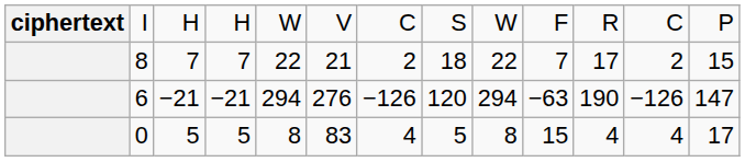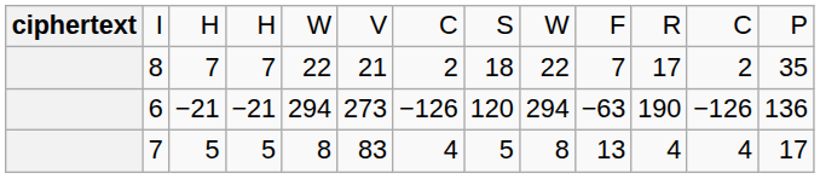 <table class="wikitable" border="1" style="text-align:right">
 <tr>
 <th>ciphertext</th>
 <td>I</td>
 <td>H</td>
 <td>H</td>
 <td>W</td>
 <td>V</td>
 <td>C</td>
 <td>S</td>
 <td>W</td>
 <td>F</td>
 <td>R</td>
 <td>C</td>
 <td>P</td>
 </tr>
 <tr>
 <th></th>
 <td>8</td>
 <td>7</td>
 <td>7</td>
 <td>22</td>
 <td>21</td>
 <td>2</td>
 <td>18</td>
 <td>22</td>
 <td>7</td>
 <td>17</td>
 <td>2</td>
-<td>15</td>
+<td>35</td>
 </tr>
 <tr>
 <th></th>
 <td>6</td>
 <td>−21</td>
 <td>−21</td>
 <td>294</td>
-<td>276</td>
+<td>273</td>
 <td>−126</td>
 <td>120</td>
 <td>294</td>
 <td>−63</td>
 <td>190</td>
 <td>−126</td>
-<td>147</td>
+<td>136</td>
 </tr>
 <tr>
 <th></th>
-<td>0</td>
+<td>7</td>
 <td>5</td>
 <td>5</td>
 <td>8</td>
 <td>83</td>
 <td>4</td>
 <td>5</td>
 <td>8</td>
-<td>15</td>
+<td>13</td>
 <td>4</td>
 <td>4</td>
 <td>17</td>
 </tr>
 </table>
